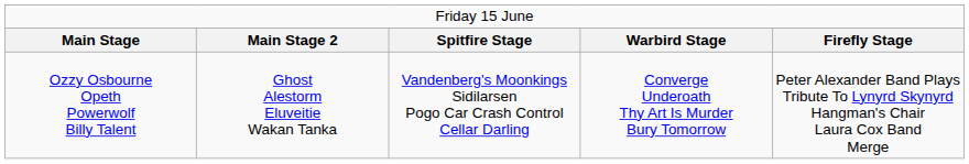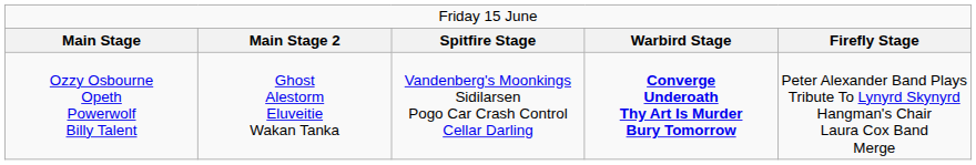 <table class="wikitable">
 <tr>
 <td colspan="5" style="text-align:center;">Friday 15 June</td>
 </tr>
 <tr>
 <th>Main Stage</th>
 <th>Main Stage 2</th>
 <th>Spitfire Stage</th>
 <th>Warbird Stage</th>
 <th>Firefly Stage</th>
 </tr>
 <tr>
 <td style="text-align:center; vertical-align:top; width:200px;"><br><a href='#'>Ozzy Osbourne</a><br> <a href='#'>Opeth</a> <br> <a href='#'>Powerwolf</a> <br> <a href='#'>Billy Talent</a> <br></td>
 <td style="text-align:center; vertical-align:top; width:200px;"><br><a href='#'>Ghost</a> <br> <a href='#'>Alestorm</a> <br> <a href='#'>Eluveitie</a> <br> Wakan Tanka <br></td>
 <td style="text-align:center; vertical-align:top; width:200px;"><br><a href='#'>Vandenberg's Moonkings</a> <br> Sidilarsen <br> Pogo Car Crash Control <br> <a href='#'>Cellar Darling</a> <br></td>
-<td style="text-align:center; vertical-align:top; width:200px;"><br><a href='#'>Converge</a> <br> <a href='#'>Underoath</a> <br> <a href='#'>Thy Art Is Murder</a> <br> <a href='#'>Bury Tomorrow</a> <br></td>
+<td style="text-align:center; vertical-align:top; width:200px;"><strong><br><a href='#'>Converge</a> <br> <a href='#'>Underoath</a> <br> <a href='#'>Thy Art Is Murder</a> <br> <a href='#'>Bury Tomorrow</a> <br></strong></td>
 <td style="text-align:center; vertical-align:top; width:200px;"><br>Peter Alexander Band Plays Tribute To <a href='#'>Lynyrd Skynyrd</a> <br> Hangman's Chair <br> Laura Cox Band <br> Merge <br></td>
 </tr>
 </table>
